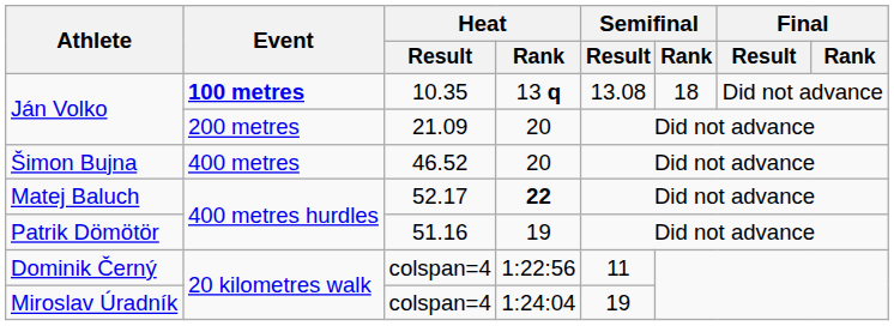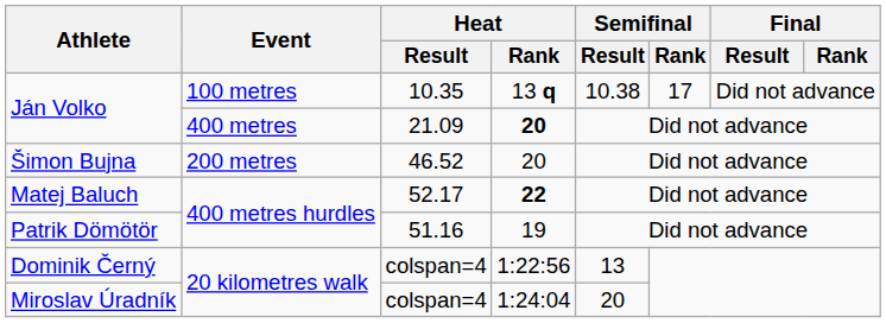 <table class=wikitable style=font-size:90%>
 <tr>
 <th rowspan=2>Athlete</th>
 <th rowspan=2>Event</th>
 <th colspan=2>Heat</th>
 <th colspan=2>Semifinal</th>
 <th colspan=2>Final</th>
 </tr>
 <tr style=font-size:95%>
 <th>Result</th>
 <th>Rank</th>
 <th>Result</th>
 <th>Rank</th>
 <th>Result</th>
 <th>Rank</th>
 </tr>
 <tr align=center>
 <td rowspan=2 align=left><a href='#'>Ján Volko</a></td>
-<td align=left><strong><a href='#'>100 metres</a></strong></td>
+<td align=left><a href='#'>100 metres</a></td>
 <td>10.35 </td>
 <td>13 <strong>q</strong></td>
-<td>13.08</td>
-<td>18</td>
+<td>10.38</td>
+<td>17</td>
 <td colspan=2>Did not advance</td>
 </tr>
 <tr align=center>
-<td align=left><a href='#'>200 metres</a></td>
+<td align=left><a href='#'>400 metres</a></td>
 <td>21.09</td>
-<td>20</td>
+<td><strong>20</strong></td>
 <td colspan=4>Did not advance</td>
 </tr>
 <tr align=center>
 <td align=left><a href='#'>Šimon Bujna</a></td>
-<td align=left><a href='#'>400 metres</a></td>
+<td align=left><a href='#'>200 metres</a></td>
 <td>46.52</td>
 <td>20</td>
 <td colspan=4>Did not advance</td>
 </tr>
 <tr align=center>
 <td align=left><a href='#'>Matej Baluch</a></td>
 <td rowspan=2 align=left><a href='#'>400 metres hurdles</a></td>
 <td>52.17</td>
 <td><strong>22</strong></td>
 <td colspan=4>Did not advance</td>
 </tr>
 <tr align=center>
 <td align=left><a href='#'>Patrik Dömötör</a></td>
 <td>51.16</td>
 <td>19</td>
 <td colspan=4>Did not advance</td>
 </tr>
 <tr align=center>
 <td align=left><a href='#'>Dominik Černý</a></td>
 <td rowspan=2 align=left><a href='#'>20 kilometres walk</a></td>
 <td>colspan=4</td>
 <td>1:22:56</td>
-<td>11</td>
+<td>13</td>
 </tr>
 <tr align=center>
 <td align=left><a href='#'>Miroslav Úradník</a></td>
 <td>colspan=4</td>
 <td>1:24:04</td>
-<td>19</td>
+<td>20</td>
 </tr>
 </table>
